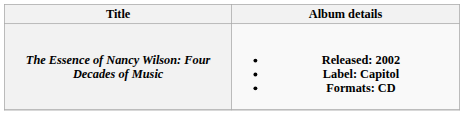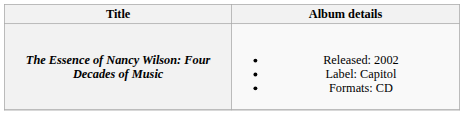 <table class="wikitable plainrowheaders" style="text-align:center;">
 <tr>
 <th scope="col" style="width:18em;">Title</th>
 <th scope="col" style="width:18em;">Album details</th>
 </tr>
 <tr>
 <th scope="row"><em>The Essence of Nancy Wilson: Four Decades of Music</em></th>
-<td><strong><br><ul><li>Released: 2002</li><li>Label: Capitol</li><li>Formats: CD</li></ul></strong></td>
+<td><br><ul><li>Released: 2002</li><li>Label: Capitol</li><li>Formats: CD</li></ul></td>
 </tr>
 <tr>
 </tr>
 </table>
